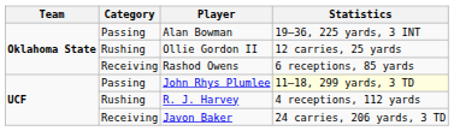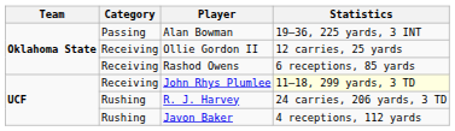 <table class="wikitable" style="float: right;">
 <tr>
 <th>Team</th>
 <th>Category</th>
 <th>Player</th>
 <th>Statistics</th>
 </tr>
 <tr>
 <td rowspan=3><strong>Oklahoma State</strong></td>
 <td>Passing</td>
 <td>Alan Bowman</td>
 <td>19–36, 225 yards, 3 INT</td>
 </tr>
 <tr>
-<td>Rushing</td>
+<td>Receiving</td>
 <td>Ollie Gordon II</td>
 <td>12 carries, 25 yards</td>
 </tr>
 <tr>
 <td>Receiving</td>
 <td>Rashod Owens</td>
 <td>6 receptions, 85 yards</td>
 </tr>
 <tr>
 <td rowspan=3><strong>UCF</strong></td>
-<td>Passing</td>
+<td>Receiving</td>
 <td><a href='#'>John Rhys Plumlee</a></td>
 <td style="background: lightyellow;">11–18, 299 yards, 3 TD</td>
 </tr>
 <tr>
 <td>Rushing</td>
 <td><a href='#'>R. J. Harvey</a></td>
+<td>24 carries, 206 yards, 3 TD</td>
+</tr>
+<tr>
+<td>Rushing</td>
+<td><a href='#'>Javon Baker</a></td>
 <td>4 receptions, 112 yards</td>
 </tr>
-<tr>
-<td>Receiving</td>
-<td><a href='#'>Javon Baker</a></td>
-<td>24 carries, 206 yards, 3 TD</td>
-</tr>
 </table>
